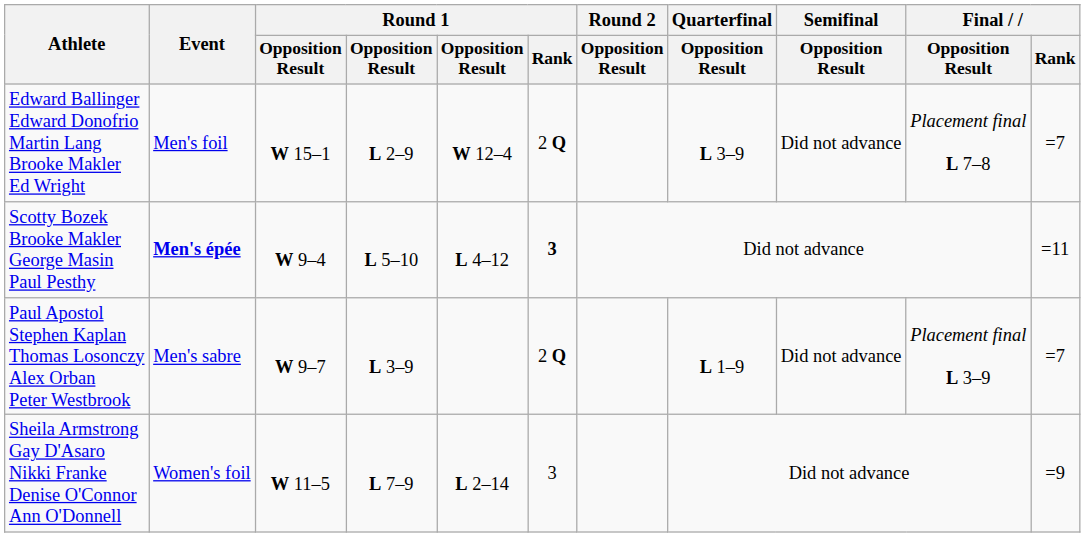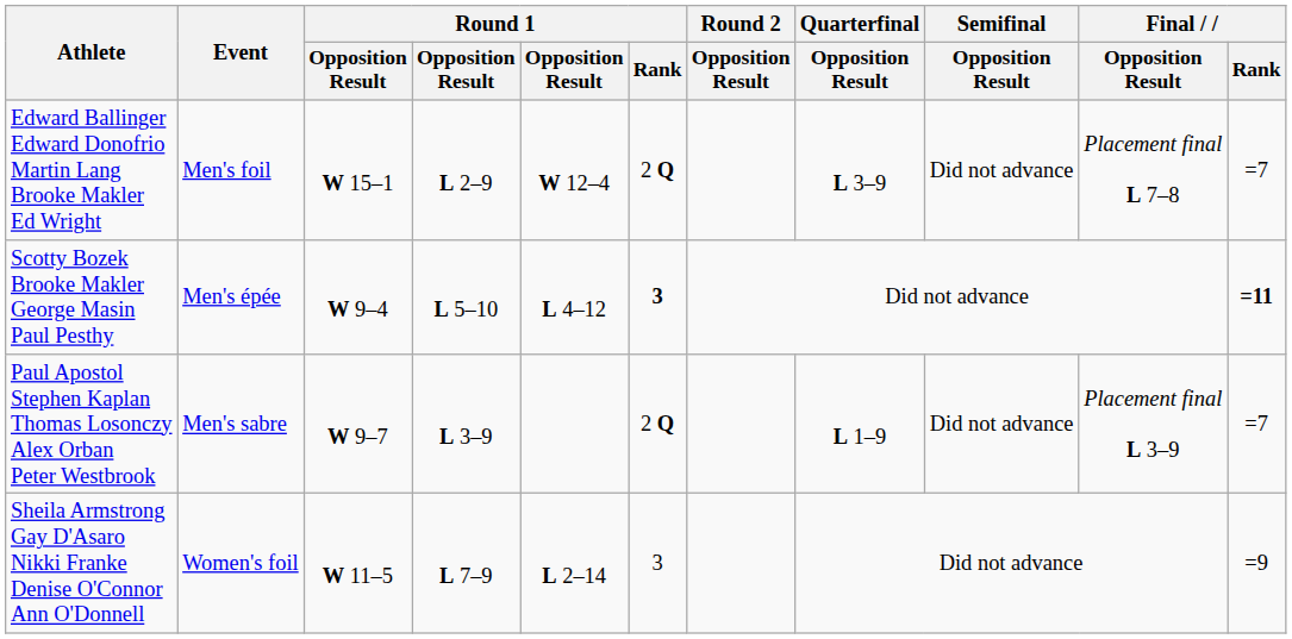 <table class=wikitable style=font-size:90%;text-align:center>
 <tr>
 <th rowspan=2>Athlete</th>
 <th rowspan=2>Event</th>
 <th colspan=4>Round 1</th>
 <th>Round 2</th>
 <th>Quarterfinal</th>
 <th>Semifinal</th>
 <th colspan=2>Final /  / </th>
 </tr>
 <tr style=font-size:95%>
 <th>Opposition<br>Result</th>
 <th>Opposition<br>Result</th>
 <th>Opposition<br>Result</th>
 <th>Rank</th>
 <th>Opposition<br>Result</th>
 <th>Opposition<br>Result</th>
 <th>Opposition<br>Result</th>
 <th>Opposition<br>Result</th>
 <th>Rank</th>
 </tr>
 <tr>
 <td align=left><a href='#'>Edward Ballinger</a><br><a href='#'>Edward Donofrio</a><br><a href='#'>Martin Lang</a><br><a href='#'>Brooke Makler</a><br><a href='#'>Ed Wright</a></td>
 <td align=left><a href='#'>Men's foil</a></td>
 <td><br><strong>W</strong> 15–1</td>
 <td><br><strong>L</strong> 2–9</td>
 <td><br><strong>W</strong> 12–4</td>
 <td>2 <strong>Q</strong></td>
 <td></td>
 <td><br><strong>L</strong> 3–9</td>
 <td>Did not advance</td>
 <td><em>Placement final</em><br><br><strong>L</strong> 7–8</td>
 <td>=7</td>
 </tr>
 <tr>
 <td align=left><a href='#'>Scotty Bozek</a><br><a href='#'>Brooke Makler</a><br><a href='#'>George Masin</a><br><a href='#'>Paul Pesthy</a></td>
-<td align=left><strong><a href='#'>Men's épée</a></strong></td>
+<td align=left><a href='#'>Men's épée</a></td>
 <td><br><strong>W</strong> 9–4</td>
 <td><br><strong>L</strong> 5–10</td>
 <td><br><strong>L</strong> 4–12</td>
 <td><strong>3</strong></td>
 <td colspan=4>Did not advance</td>
-<td>=11</td>
+<td><strong>=11</strong></td>
 </tr>
 <tr>
 <td align=left><a href='#'>Paul Apostol</a><br><a href='#'>Stephen Kaplan</a><br><a href='#'>Thomas Losonczy</a><br><a href='#'>Alex Orban</a><br><a href='#'>Peter Westbrook</a></td>
 <td align=left><a href='#'>Men's sabre</a></td>
 <td><br><strong>W</strong> 9–7</td>
 <td><br><strong>L</strong> 3–9</td>
 <td></td>
 <td>2 <strong>Q</strong></td>
 <td></td>
 <td><br><strong>L</strong> 1–9</td>
 <td>Did not advance</td>
 <td><em>Placement final</em><br><br><strong>L</strong> 3–9</td>
 <td>=7</td>
 </tr>
 <tr>
 <td align=left><a href='#'>Sheila Armstrong</a><br><a href='#'>Gay D'Asaro</a><br><a href='#'>Nikki Franke</a><br><a href='#'>Denise O'Connor</a><br><a href='#'>Ann O'Donnell</a></td>
 <td align=left><a href='#'>Women's foil</a></td>
 <td><br><strong>W</strong> 11–5</td>
 <td><br><strong>L</strong> 7–9</td>
 <td><br><strong>L</strong> 2–14</td>
 <td>3</td>
 <td></td>
 <td colspan=3>Did not advance</td>
 <td>=9</td>
 </tr>
 </table>
